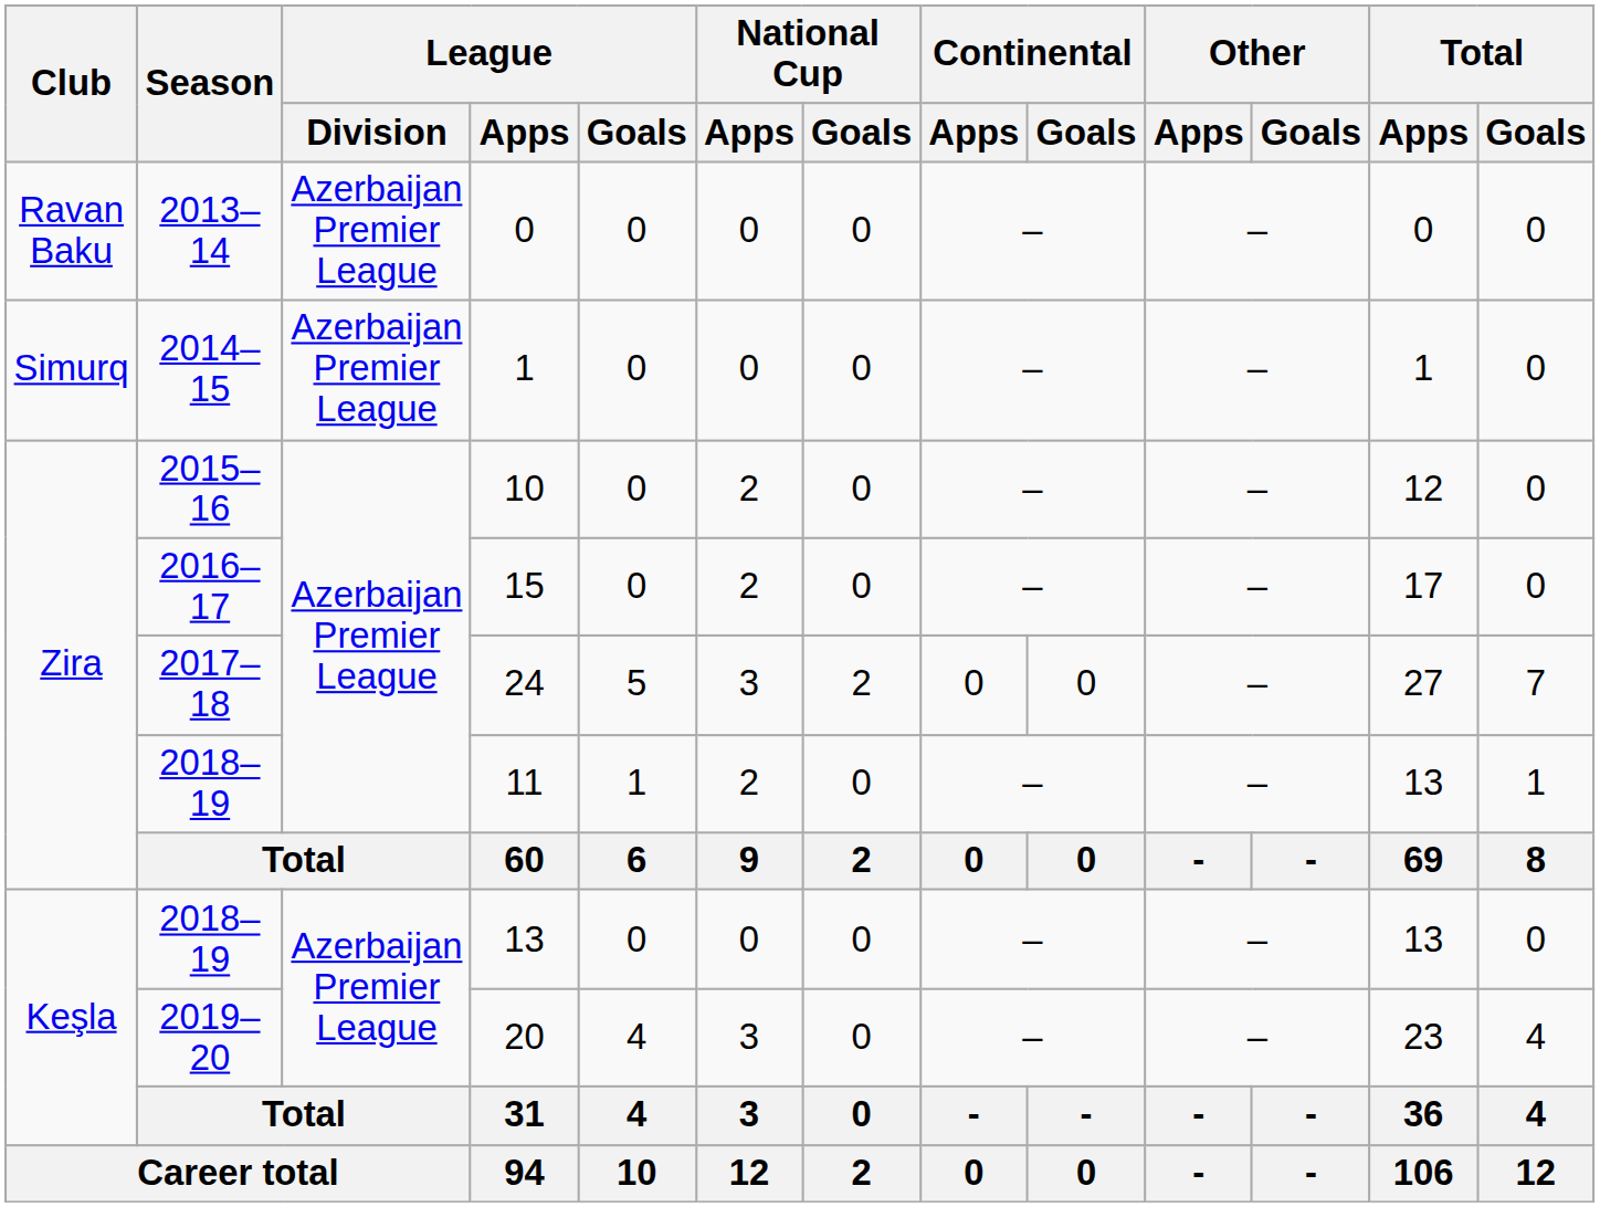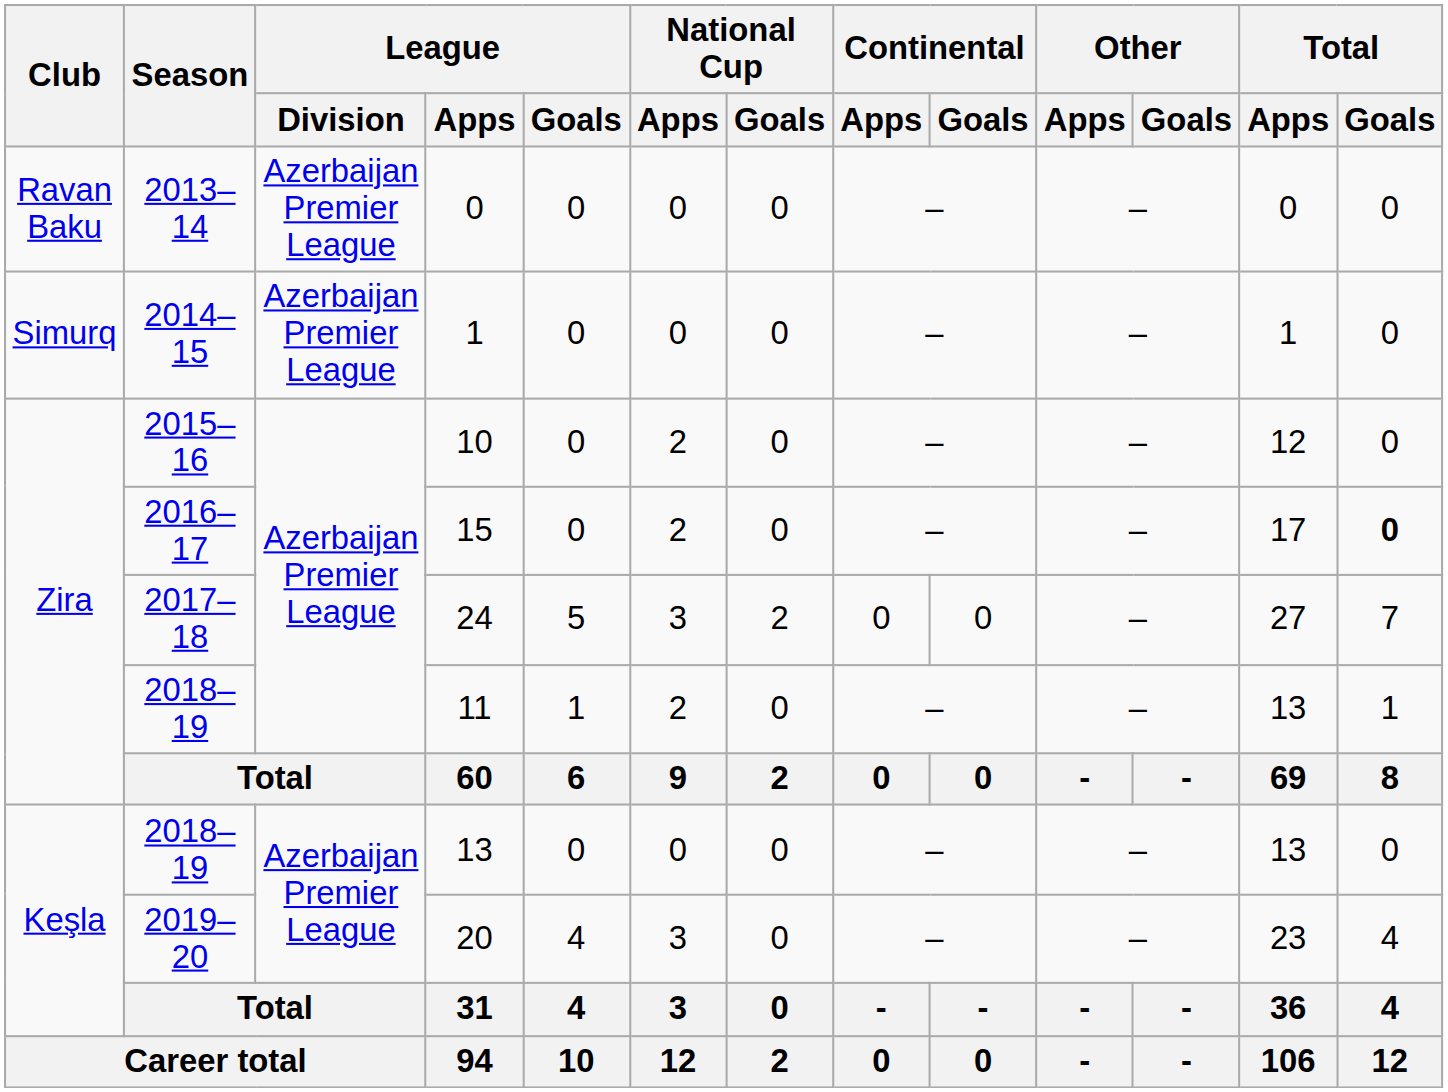 <table class="wikitable" style="text-align: center">
 <tr>
 <th rowspan="2">Club</th>
 <th rowspan="2">Season</th>
 <th colspan="3">League</th>
 <th colspan="2">National Cup</th>
 <th colspan="2">Continental</th>
 <th colspan="2">Other</th>
 <th colspan="2">Total</th>
 </tr>
 <tr>
 <th>Division</th>
 <th>Apps</th>
 <th>Goals</th>
 <th>Apps</th>
 <th>Goals</th>
 <th>Apps</th>
 <th>Goals</th>
 <th>Apps</th>
 <th>Goals</th>
 <th>Apps</th>
 <th>Goals</th>
 </tr>
 <tr>
 <td><a href='#'>Ravan Baku</a></td>
 <td><a href='#'>2013–14</a></td>
 <td><a href='#'>Azerbaijan Premier League</a></td>
 <td>0</td>
 <td>0</td>
 <td>0</td>
 <td>0</td>
 <td colspan="2">–</td>
 <td colspan="2">–</td>
 <td>0</td>
 <td>0</td>
 </tr>
 <tr>
 <td><a href='#'>Simurq</a></td>
 <td><a href='#'>2014–15</a></td>
 <td><a href='#'>Azerbaijan Premier League</a></td>
 <td>1</td>
 <td>0</td>
 <td>0</td>
 <td>0</td>
 <td colspan="2">–</td>
 <td colspan="2">–</td>
 <td>1</td>
 <td>0</td>
 </tr>
 <tr>
 <td rowspan="5"><a href='#'>Zira</a></td>
 <td><a href='#'>2015–16</a></td>
 <td rowspan="4"><a href='#'>Azerbaijan Premier League</a></td>
 <td>10</td>
 <td>0</td>
 <td>2</td>
 <td>0</td>
 <td colspan="2">–</td>
 <td colspan="2">–</td>
 <td>12</td>
 <td>0</td>
 </tr>
 <tr>
 <td><a href='#'>2016–17</a></td>
 <td>15</td>
 <td>0</td>
 <td>2</td>
 <td>0</td>
 <td colspan="2">–</td>
 <td colspan="2">–</td>
 <td>17</td>
-<td>0</td>
+<td><strong>0</strong></td>
 </tr>
 <tr>
 <td><a href='#'>2017–18</a></td>
 <td>24</td>
 <td>5</td>
 <td>3</td>
 <td>2</td>
 <td>0</td>
 <td>0</td>
 <td colspan="2">–</td>
 <td>27</td>
 <td>7</td>
 </tr>
 <tr>
 <td><a href='#'>2018–19</a></td>
 <td>11</td>
 <td>1</td>
 <td>2</td>
 <td>0</td>
 <td colspan="2">–</td>
 <td colspan="2">–</td>
 <td>13</td>
 <td>1</td>
 </tr>
 <tr>
 <th colspan="2">Total</th>
 <th>60</th>
 <th>6</th>
 <th>9</th>
 <th>2</th>
 <th>0</th>
 <th>0</th>
 <th>-</th>
 <th>-</th>
 <th>69</th>
 <th>8</th>
 </tr>
 <tr>
 <td rowspan="3"><a href='#'>Keşla</a></td>
 <td><a href='#'>2018–19</a></td>
 <td rowspan="2"><a href='#'>Azerbaijan Premier League</a></td>
 <td>13</td>
 <td>0</td>
 <td>0</td>
 <td>0</td>
 <td colspan="2">–</td>
 <td colspan="2">–</td>
 <td>13</td>
 <td>0</td>
 </tr>
 <tr>
 <td><a href='#'>2019–20</a></td>
 <td>20</td>
 <td>4</td>
 <td>3</td>
 <td>0</td>
 <td colspan="2">–</td>
 <td colspan="2">–</td>
 <td>23</td>
 <td>4</td>
 </tr>
 <tr>
 <th colspan="2">Total</th>
 <th>31</th>
 <th>4</th>
 <th>3</th>
 <th>0</th>
 <th>-</th>
 <th>-</th>
 <th>-</th>
 <th>-</th>
 <th>36</th>
 <th>4</th>
 </tr>
 <tr>
 <th colspan="3">Career total</th>
 <th>94</th>
 <th>10</th>
 <th>12</th>
 <th>2</th>
 <th>0</th>
 <th>0</th>
 <th>-</th>
 <th>-</th>
 <th>106</th>
 <th>12</th>
 </tr>
 </table>
